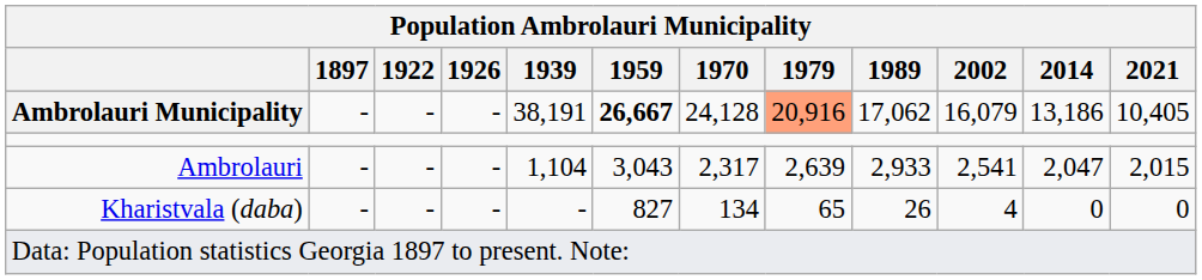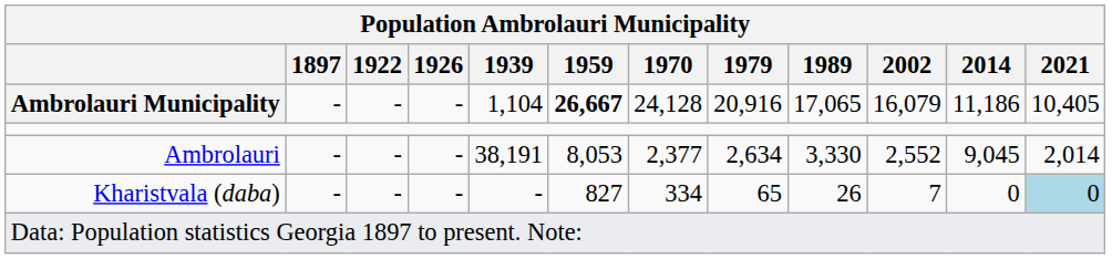 <table class="wikitable" style="text-align:right">
 <tr>
 <th colspan=19>Population Ambrolauri Municipality</th>
 </tr>
 <tr>
 <th></th>
 <th>1897</th>
 <th>1922</th>
 <th>1926</th>
 <th>1939</th>
 <th>1959</th>
 <th>1970</th>
 <th>1979</th>
 <th>1989</th>
 <th>2002</th>
 <th>2014</th>
 <th>2021</th>
 </tr>
 <tr>
 <th>Ambrolauri Municipality</th>
 <td>-</td>
 <td>-</td>
 <td>-</td>
-<td>38,191</td>
+<td>1,104</td>
 <td><strong> 26,667</strong></td>
 <td> 24,128</td>
-<td style="background: lightsalmon;"> 20,916</td>
-<td> 17,062</td>
+<td> 20,916</td>
+<td> 17,065</td>
 <td> 16,079</td>
-<td>  13,186</td>
+<td>  11,186</td>
 <td>  10,405</td>
 </tr>
 <tr>
 <td colspan=15></td>
 </tr>
 <tr>
 <td><a href='#'>Ambrolauri</a></td>
 <td>-</td>
 <td>-</td>
 <td>-</td>
-<td>1,104</td>
-<td> 3,043</td>
-<td> 2,317</td>
-<td> 2,639</td>
-<td> 2,933</td>
-<td> 2,541</td>
-<td> 2,047</td>
-<td> 2,015</td>
+<td>38,191</td>
+<td> 8,053</td>
+<td> 2,377</td>
+<td> 2,634</td>
+<td> 3,330</td>
+<td> 2,552</td>
+<td> 9,045</td>
+<td> 2,014</td>
 </tr>
 <tr>
 <td><a href='#'>Kharistvala</a> (<em>daba</em>)</td>
 <td>-</td>
 <td>-</td>
 <td>-</td>
 <td>-</td>
 <td>827</td>
-<td> 134</td>
+<td> 334</td>
 <td> 65</td>
 <td> 26</td>
-<td> 4</td>
+<td> 7</td>
 <td> 0</td>
-<td> 0</td>
+<td style="background: lightblue;"> 0</td>
 </tr>
 <tr>
 <td colspan=15 class="wikitable" style="align:left;text-align:left;background-color:#eaecf0">Data: Population statistics Georgia 1897 to present. Note:</td>
 </tr>
 </table>
